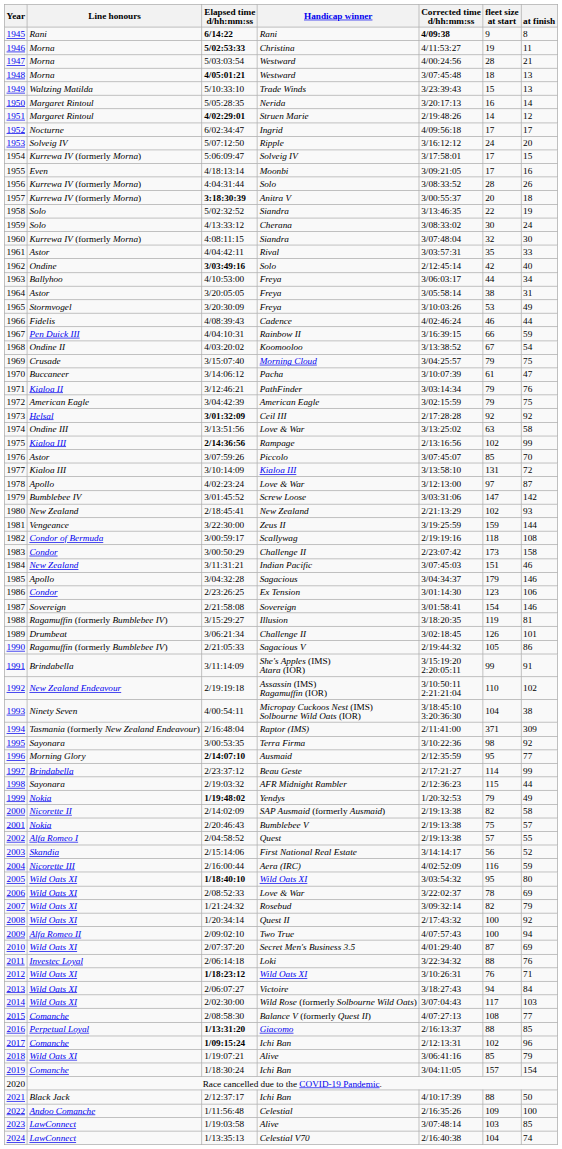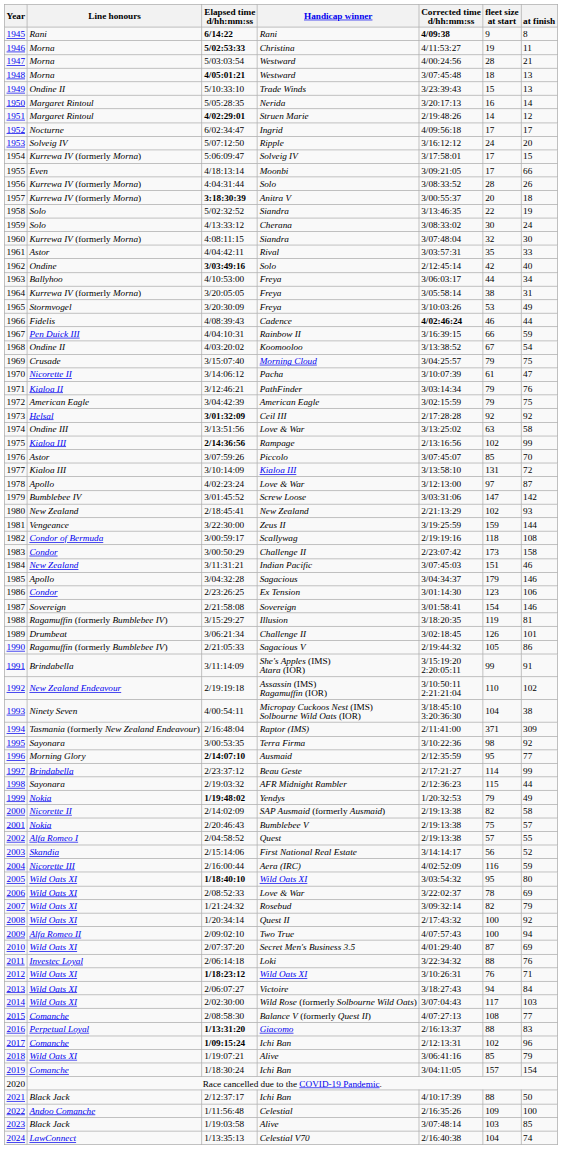 <table class="wikitable sortable" style=font-size:small;line-height:1>
 <tr>
 <th>Year</th>
 <th>Line honours</th>
 <th>Elapsed time<br>d/hh:mm:ss</th>
 <th><a href='#'>Handicap winner</a></th>
 <th>Corrected time<br>d/hh:mm:ss</th>
 <th>fleet size<br>at start</th>
 <th><br>at finish</th>
 </tr>
 <tr>
 <td><a href='#'>1945</a></td>
 <td> <em>Rani</em></td>
 <td><strong>6/14:22</strong></td>
 <td> <em>Rani</em></td>
 <td><strong>4/09:38</strong></td>
 <td>9</td>
 <td>8</td>
 </tr>
 <tr>
 <td><a href='#'>1946</a></td>
 <td> <em>Morna</em></td>
 <td><strong>5/02:53:33</strong></td>
 <td> <em>Christina</em></td>
 <td>4/11:53:27</td>
 <td>19</td>
 <td>11</td>
 </tr>
 <tr>
 <td><a href='#'>1947</a></td>
 <td> <em>Morna</em></td>
 <td>5/03:03:54</td>
 <td> <em>Westward</em></td>
 <td>4/00:24:56</td>
 <td>28</td>
 <td>21</td>
 </tr>
 <tr>
 <td><a href='#'>1948</a></td>
 <td> <em>Morna</em></td>
 <td><strong>4/05:01:21</strong></td>
 <td> <em>Westward</em></td>
 <td>3/07:45:48</td>
 <td>18</td>
 <td>13</td>
 </tr>
 <tr>
 <td><a href='#'>1949</a></td>
-<td> <em>Waltzing Matilda</em></td>
+<td> <em>Ondine II</em></td>
 <td>5/10:33:10</td>
 <td> <em>Trade Winds</em></td>
 <td>3/23:39:43</td>
 <td>15</td>
 <td>13</td>
 </tr>
 <tr>
 <td><a href='#'>1950</a></td>
 <td> <em>Margaret Rintoul</em></td>
 <td>5/05:28:35</td>
 <td> <em>Nerida</em></td>
 <td>3/20:17:13</td>
 <td>16</td>
 <td>14</td>
 </tr>
 <tr>
 <td><a href='#'>1951</a></td>
 <td> <em>Margaret Rintoul</em></td>
 <td><strong>4/02:29:01</strong></td>
 <td> <em>Struen Marie</em></td>
 <td>2/19:48:26</td>
 <td>14</td>
 <td>12</td>
 </tr>
 <tr>
 <td><a href='#'>1952</a></td>
 <td> <em>Nocturne</em></td>
 <td>6/02:34:47</td>
 <td> <em>Ingrid</em></td>
 <td>4/09:56:18</td>
 <td>17</td>
 <td>17</td>
 </tr>
 <tr>
 <td><a href='#'>1953</a></td>
 <td> <em>Solveig IV</em></td>
 <td>5/07:12:50</td>
 <td> <em>Ripple</em></td>
 <td>3/16:12:12</td>
 <td>24</td>
 <td>20</td>
 </tr>
 <tr>
 <td>1954</td>
 <td> <em>Kurrewa IV</em> (formerly <em>Morna</em>)</td>
 <td>5:06:09:47</td>
 <td> <em>Solveig IV</em></td>
 <td>3/17:58:01</td>
 <td>17</td>
 <td>15</td>
 </tr>
 <tr>
 <td>1955</td>
 <td> <em>Even</em></td>
 <td>4/18:13:14</td>
 <td> <em>Moonbi</em></td>
 <td>3/09:21:05</td>
 <td>17</td>
-<td>16</td>
+<td>66</td>
 </tr>
 <tr>
 <td>1956</td>
 <td> <em>Kurrewa IV</em> (formerly <em>Morna</em>)</td>
 <td>4:04:31:44</td>
 <td> <em>Solo</em></td>
 <td>3/08:33:52</td>
 <td>28</td>
 <td>26</td>
 </tr>
 <tr>
 <td>1957</td>
 <td> <em>Kurrewa IV</em> (formerly <em>Morna</em>)</td>
 <td><strong>3:18:30:39</strong></td>
 <td> <em>Anitra V</em></td>
 <td>3/00:55:37</td>
 <td>20</td>
 <td>18</td>
 </tr>
 <tr>
 <td>1958</td>
 <td> <em>Solo</em></td>
 <td>5/02:32:52</td>
 <td> <em>Siandra</em></td>
 <td>3/13:46:35</td>
 <td>22</td>
 <td>19</td>
 </tr>
 <tr>
 <td>1959</td>
 <td> <em>Solo</em></td>
 <td>4/13:33:12</td>
 <td> <em>Cherana</em></td>
 <td>3/08:33:02</td>
 <td>30</td>
 <td>24</td>
 </tr>
 <tr>
 <td>1960</td>
 <td> <em>Kurrewa IV</em> (formerly <em>Morna</em>)</td>
 <td>4:08:11:15</td>
 <td> <em>Siandra</em></td>
 <td>3/07:48:04</td>
 <td>32</td>
 <td>30</td>
 </tr>
 <tr>
 <td>1961</td>
 <td> <em>Astor</em></td>
 <td>4/04:42:11</td>
 <td> <em>Rival</em></td>
 <td>3/03:57:31</td>
 <td>35</td>
 <td>33</td>
 </tr>
 <tr>
 <td>1962</td>
 <td> <em>Ondine</em></td>
 <td><strong>3/03:49:16</strong></td>
 <td> <em>Solo</em></td>
 <td>2/12:45:14</td>
 <td>42</td>
 <td>40</td>
 </tr>
 <tr>
 <td>1963</td>
 <td> <em>Ballyhoo</em></td>
 <td>4/10:53:00</td>
 <td> <em>Freya</em></td>
 <td>3/06:03:17</td>
 <td>44</td>
 <td>34</td>
 </tr>
 <tr>
 <td>1964</td>
-<td> <em>Astor</em></td>
+<td> <em>Kurrewa IV</em> (formerly <em>Morna</em>)</td>
 <td>3/20:05:05</td>
 <td> <em>Freya</em></td>
 <td>3/05:58:14</td>
 <td>38</td>
 <td>31</td>
 </tr>
 <tr>
 <td>1965</td>
 <td> <em>Stormvogel</em></td>
 <td>3/20:30:09</td>
 <td> <em>Freya</em></td>
 <td>3/10:03:26</td>
 <td>53</td>
 <td>49</td>
 </tr>
 <tr>
 <td>1966</td>
 <td> <em>Fidelis</em></td>
 <td>4/08:39:43</td>
 <td> <em>Cadence</em></td>
-<td>4/02:46:24</td>
+<td><strong>4/02:46:24</strong></td>
 <td>46</td>
 <td>44</td>
 </tr>
 <tr>
 <td>1967</td>
 <td> <em><a href='#'>Pen Duick III</a></em></td>
 <td>4/04:10:31</td>
 <td> <em>Rainbow II</em></td>
 <td>3/16:39:15</td>
 <td>66</td>
 <td>59</td>
 </tr>
 <tr>
 <td>1968</td>
 <td> <em>Ondine II</em></td>
 <td>4/03:20:02</td>
 <td> <em>Koomooloo</em></td>
 <td>3/13:38:52</td>
 <td>67</td>
 <td>54</td>
 </tr>
 <tr>
 <td>1969</td>
 <td> <em>Crusade</em></td>
 <td>3/15:07:40</td>
 <td> <em><a href='#'>Morning Cloud</a></em></td>
 <td>3/04:25:57</td>
 <td>79</td>
 <td>75</td>
 </tr>
 <tr>
 <td>1970</td>
-<td> <em>Buccaneer</em></td>
+<td> <em><a href='#'>Nicorette II</a></em></td>
 <td>3/14:06:12</td>
 <td> <em>Pacha</em></td>
 <td>3/10:07:39</td>
 <td>61</td>
 <td>47</td>
 </tr>
 <tr>
 <td>1971</td>
 <td> <em><a href='#'>Kialoa II</a></em></td>
 <td>3/12:46:21</td>
 <td> <em>PathFinder</em></td>
 <td>3/03:14:34</td>
 <td>79</td>
 <td>76</td>
 </tr>
 <tr>
 <td>1972</td>
 <td> <em>American Eagle</em></td>
 <td>3/04:42:39</td>
 <td> <em>American Eagle</em></td>
 <td>3/02:15:59</td>
 <td>79</td>
 <td>75</td>
 </tr>
 <tr>
 <td>1973</td>
 <td> <em><a href='#'>Helsal</a></em></td>
 <td><strong>3/01:32:09</strong></td>
 <td> <em>Ceil III</em></td>
 <td>2/17:28:28</td>
 <td>92</td>
 <td>92</td>
 </tr>
 <tr>
 <td>1974</td>
 <td> <em>Ondine III</em></td>
 <td>3/13:51:56</td>
 <td> <em>Love & War</em></td>
 <td>3/13:25:02</td>
 <td>63</td>
 <td>58</td>
 </tr>
 <tr>
 <td>1975</td>
 <td> <em><a href='#'>Kialoa III</a></em></td>
 <td><strong>2/14:36:56</strong></td>
 <td> <em>Rampage</em></td>
 <td>2/13:16:56</td>
 <td>102</td>
 <td>99</td>
 </tr>
 <tr>
 <td>1976</td>
 <td> <em>Astor</em></td>
 <td>3/07:59:26</td>
 <td> <em>Piccolo</em></td>
 <td>3/07:45:07</td>
 <td>85</td>
 <td>70</td>
 </tr>
 <tr>
 <td>1977</td>
 <td> <em>Kialoa III</em></td>
 <td>3/10:14:09</td>
 <td> <em><a href='#'>Kialoa III</a></em></td>
 <td>3/13:58:10</td>
 <td>131</td>
 <td>72</td>
 </tr>
 <tr>
 <td>1978</td>
 <td> <em>Apollo</em></td>
 <td>4/02:23:24</td>
 <td> <em>Love & War</em></td>
 <td>3/12:13:00</td>
 <td>97</td>
 <td>87</td>
 </tr>
 <tr>
 <td>1979</td>
 <td> <em>Bumblebee IV</em></td>
 <td>3/01:45:52</td>
 <td> <em>Screw Loose</em></td>
 <td>3/03:31:06</td>
 <td>147</td>
 <td>142</td>
 </tr>
 <tr>
 <td>1980</td>
 <td> <em>New Zealand</em></td>
 <td>2/18:45:41</td>
 <td> <em>New Zealand</em></td>
 <td>2/21:13:29</td>
 <td>102</td>
 <td>93</td>
 </tr>
 <tr>
 <td>1981</td>
 <td> <em>Vengeance</em></td>
 <td>3/22:30:00</td>
 <td> <em>Zeus II</em></td>
 <td>3/19:25:59</td>
 <td>159</td>
 <td>144</td>
 </tr>
 <tr>
 <td>1982</td>
 <td> <em><a href='#'>Condor of Bermuda</a></em></td>
 <td>3/00:59:17</td>
 <td> <em>Scallywag</em></td>
 <td>2/19:19:16</td>
 <td>118</td>
 <td>108</td>
 </tr>
 <tr>
 <td>1983</td>
 <td> <em><a href='#'>Condor</a></em></td>
 <td>3/00:50:29</td>
 <td> <em>Challenge II</em></td>
 <td>2/23:07:42</td>
 <td>173</td>
 <td>158</td>
 </tr>
 <tr>
 <td>1984</td>
 <td> <em><a href='#'>New Zealand</a></em></td>
 <td>3/11:31:21</td>
 <td> <em>Indian Pacific</em></td>
 <td>3/07:45:03</td>
 <td>151</td>
 <td>46</td>
 </tr>
 <tr>
 <td>1985</td>
 <td> <em>Apollo</em></td>
 <td>3/04:32:28</td>
 <td> <em>Sagacious</em></td>
 <td>3/04:34:37</td>
 <td>179</td>
 <td>146</td>
 </tr>
 <tr>
 <td>1986</td>
 <td> <em><a href='#'>Condor</a></em></td>
 <td>2/23:26:25</td>
 <td> <em>Ex Tension</em></td>
 <td>3/01:14:30</td>
 <td>123</td>
 <td>106</td>
 </tr>
 <tr>
 <td>1987</td>
 <td> <em>Sovereign</em></td>
 <td>2/21:58:08</td>
 <td> <em>Sovereign</em></td>
 <td>3/01:58:41</td>
 <td>154</td>
 <td>146</td>
 </tr>
 <tr>
 <td>1988</td>
 <td> <em>Ragamuffin</em> (formerly <em>Bumblebee IV</em>)</td>
 <td>3/15:29:27</td>
 <td> <em>Illusion</em></td>
 <td>3/18:20:35</td>
 <td>119</td>
 <td>81</td>
 </tr>
 <tr>
 <td>1989</td>
 <td> <em>Drumbeat</em></td>
 <td>3/06:21:34</td>
 <td> <em>Challenge II</em></td>
 <td>3/02:18:45</td>
 <td>126</td>
 <td>101</td>
 </tr>
 <tr>
 <td><a href='#'>1990</a></td>
 <td> <em>Ragamuffin</em> (formerly <em>Bumblebee IV</em>)</td>
 <td>2/21:05:33</td>
 <td> <em>Sagacious V</em></td>
 <td>2/19:44:32</td>
 <td>105</td>
 <td>86</td>
 </tr>
 <tr>
 <td><a href='#'>1991</a></td>
 <td> <em>Brindabella</em></td>
 <td>3/11:14:09</td>
 <td> <em>She's Apples</em> (IMS)<br> <em>Atara</em> (IOR)</td>
 <td>3/15:19:20<br>2:20:05:11</td>
 <td>99</td>
 <td>91</td>
 </tr>
 <tr>
 <td><a href='#'>1992</a></td>
 <td> <em><a href='#'>New Zealand Endeavour</a></em></td>
 <td>2/19:19:18</td>
 <td> <em>Assassin</em> (IMS)<br> <em>Ragamuffin</em> (IOR)</td>
 <td>3/10:50:11<br>2:21:21:04</td>
 <td>110</td>
 <td>102</td>
 </tr>
 <tr>
 <td><a href='#'>1993</a></td>
 <td> <em>Ninety Seven</em></td>
 <td>4/00:54:11</td>
 <td> <em>Micropay Cuckoos Nest</em> (IMS)<br> <em>Solbourne Wild Oats</em> (IOR)</td>
 <td>3/18:45:10<br>3:20:36:30</td>
 <td>104</td>
 <td>38</td>
 </tr>
 <tr>
 <td><a href='#'>1994</a></td>
 <td> <em>Tasmania</em> (formerly <em>New Zealand Endeavour</em>)</td>
 <td>2/16:48:04</td>
 <td> <em>Raptor (IMS)</em></td>
 <td>2/11:41:00</td>
 <td>371</td>
 <td>309</td>
 </tr>
 <tr>
 <td><a href='#'>1995</a></td>
 <td> <em>Sayonara</em></td>
 <td>3/00:53:35</td>
 <td> <em>Terra Firma</em></td>
 <td>3/10:22:36</td>
 <td>98</td>
 <td>92</td>
 </tr>
 <tr>
 <td><a href='#'>1996</a></td>
 <td> <em>Morning Glory</em></td>
 <td><strong>2/14:07:10</strong></td>
 <td> <em>Ausmaid</em></td>
 <td>2/12:35:59</td>
 <td>95</td>
 <td>77</td>
 </tr>
 <tr>
 <td><a href='#'>1997</a></td>
 <td> <em><a href='#'>Brindabella</a></em></td>
 <td>2/23:37:12</td>
 <td> <em>Beau Geste</em></td>
 <td>2/17:21:27</td>
 <td>114</td>
 <td>99</td>
 </tr>
 <tr>
 <td><a href='#'>1998</a></td>
 <td> <em>Sayonara</em></td>
 <td>2/19:03:32</td>
 <td> <em>AFR Midnight Rambler</em></td>
 <td>2/12:36:23</td>
 <td>115</td>
 <td>44</td>
 </tr>
 <tr>
 <td><a href='#'>1999</a></td>
 <td> <em><a href='#'>Nokia</a></em></td>
 <td><strong>1/19:48:02</strong></td>
 <td> <em>Yendys</em></td>
 <td>1/20:32:53</td>
 <td>79</td>
 <td>49</td>
 </tr>
 <tr>
 <td><a href='#'>2000</a></td>
 <td> <em><a href='#'>Nicorette II</a></em></td>
 <td>2/14:02:09</td>
 <td> <em>SAP Ausmaid</em> (formerly <em>Ausmaid</em>)</td>
 <td>2/19:13:38</td>
 <td>82</td>
 <td>58</td>
 </tr>
 <tr>
 <td><a href='#'>2001</a></td>
 <td> <em><a href='#'>Nokia</a></em></td>
 <td>2/20:46:43</td>
 <td> <em>Bumblebee V</em></td>
 <td>2/19:13:38</td>
 <td>75</td>
 <td>57</td>
 </tr>
 <tr>
 <td><a href='#'>2002</a></td>
 <td> <em><a href='#'>Alfa Romeo I</a></em></td>
 <td>2/04:58:52</td>
 <td> <em>Quest</em></td>
 <td>2/19:13:38</td>
 <td>57</td>
 <td>55</td>
 </tr>
 <tr>
 <td><a href='#'>2003</a></td>
 <td> <em><a href='#'>Skandia</a></em></td>
 <td>2/15:14:06</td>
 <td> <em>First National Real Estate</em></td>
 <td>3/14:14:17</td>
 <td>56</td>
 <td>52</td>
 </tr>
 <tr>
 <td><a href='#'>2004</a></td>
 <td> <em><a href='#'>Nicorette III</a></em></td>
 <td>2/16:00:44</td>
 <td> <em>Aera (IRC)</em></td>
 <td>4/02:52:09</td>
 <td>116</td>
 <td>59</td>
 </tr>
 <tr>
 <td><a href='#'>2005</a></td>
 <td> <em><a href='#'>Wild Oats XI</a></em></td>
 <td><strong>1/18:40:10</strong></td>
 <td> <em><a href='#'>Wild Oats XI</a></em></td>
 <td>3/03:54:32</td>
 <td>95</td>
 <td>80</td>
 </tr>
 <tr>
 <td><a href='#'>2006</a></td>
 <td> <em><a href='#'>Wild Oats XI</a></em></td>
 <td>2/08:52:33</td>
 <td> <em>Love & War</em></td>
 <td>3/22:02:37</td>
 <td>78</td>
 <td>69</td>
 </tr>
 <tr>
 <td><a href='#'>2007</a></td>
 <td> <em><a href='#'>Wild Oats XI</a></em></td>
 <td>1/21:24:32</td>
 <td> <em>Rosebud</em></td>
 <td>3/09:32:14</td>
 <td>82</td>
 <td>79</td>
 </tr>
 <tr>
 <td><a href='#'>2008</a></td>
 <td> <em><a href='#'>Wild Oats XI</a></em></td>
 <td>1/20:34:14</td>
 <td> <em>Quest II</em></td>
 <td>2/17:43:32</td>
 <td>100</td>
 <td>92</td>
 </tr>
 <tr>
 <td><a href='#'>2009</a></td>
 <td> <em><a href='#'>Alfa Romeo II</a></em></td>
 <td>2/09:02:10</td>
 <td> <em>Two True</em></td>
 <td>4/07:57:43</td>
 <td>100</td>
 <td>94</td>
 </tr>
 <tr>
 <td><a href='#'>2010</a></td>
 <td> <em><a href='#'>Wild Oats XI</a></em></td>
 <td>2/07:37:20</td>
 <td> <em>Secret Men's Business 3.5</em></td>
 <td>4/01:29:40</td>
 <td>87</td>
 <td>69</td>
 </tr>
 <tr>
 <td><a href='#'>2011</a></td>
 <td> <em><a href='#'>Investec Loyal</a></em></td>
 <td>2/06:14:18</td>
 <td> <em>Loki</em></td>
 <td>3/22:34:32</td>
 <td>88</td>
 <td>76</td>
 </tr>
 <tr>
 <td><a href='#'>2012</a></td>
 <td> <em><a href='#'>Wild Oats XI</a></em></td>
 <td><strong>1/18:23:12</strong></td>
 <td> <em><a href='#'>Wild Oats XI</a></em></td>
 <td>3/10:26:31</td>
 <td>76</td>
 <td>71</td>
 </tr>
 <tr>
 <td><a href='#'>2013</a></td>
 <td> <em><a href='#'>Wild Oats XI</a></em></td>
 <td>2/06:07:27</td>
 <td> <em>Victoire</em></td>
 <td>3/18:27:43</td>
 <td>94</td>
 <td>84</td>
 </tr>
 <tr>
 <td><a href='#'>2014</a></td>
 <td> <em><a href='#'>Wild Oats XI</a></em></td>
 <td>2/02:30:00</td>
 <td> <em>Wild Rose</em> (formerly <em>Solbourne Wild Oats</em>)</td>
 <td>3/07:04:43</td>
 <td>117</td>
 <td>103</td>
 </tr>
 <tr>
 <td><a href='#'>2015</a></td>
 <td> <em><a href='#'>Comanche</a></em></td>
 <td>2/08:58:30</td>
 <td> <em>Balance V</em> (formerly <em>Quest II</em>)</td>
 <td>4/07:27:13</td>
 <td>108</td>
 <td>77</td>
 </tr>
 <tr>
 <td><a href='#'>2016</a></td>
 <td> <em><a href='#'>Perpetual Loyal</a></em></td>
 <td><strong>1/13:31:20</strong></td>
 <td> <em><a href='#'>Giacomo</a></em></td>
 <td>2/16:13:37</td>
 <td>88</td>
-<td>85</td>
+<td>83</td>
 </tr>
 <tr>
 <td><a href='#'>2017</a></td>
 <td> <em><a href='#'>Comanche</a></em></td>
 <td><strong>1/09:15:24</strong></td>
 <td> <em>Ichi Ban</em></td>
 <td>2/12:13:31</td>
 <td>102</td>
 <td>96</td>
 </tr>
 <tr>
 <td><a href='#'>2018</a></td>
 <td> <em><a href='#'>Wild Oats XI</a></em></td>
 <td>1/19:07:21</td>
 <td> <em>Alive</em></td>
 <td>3/06:41:16</td>
 <td>85</td>
 <td>79</td>
 </tr>
 <tr>
 <td><a href='#'>2019</a></td>
 <td> <em><a href='#'>Comanche</a></em></td>
 <td>1/18:30:24</td>
 <td> <em>Ichi Ban</em></td>
 <td>3/04:11:05</td>
 <td>157</td>
 <td>154</td>
 </tr>
 <tr>
 <td>2020</td>
 <td colspan="6" style="text-align:center">Race cancelled due to the <a href='#'>COVID-19 Pandemic</a>.</td>
 </tr>
 <tr>
 <td><a href='#'>2021</a></td>
 <td> <em>Black Jack</em></td>
 <td>2/12:37:17</td>
 <td> <em>Ichi Ban</em></td>
 <td>4/10:17:39</td>
 <td>88</td>
 <td>50</td>
 </tr>
 <tr>
 <td><a href='#'>2022</a></td>
 <td> <em><a href='#'>Andoo Comanche</a></em></td>
 <td>1/11:56:48</td>
 <td> <em>Celestial</em></td>
 <td>2/16:35:26</td>
 <td>109</td>
 <td>100</td>
 </tr>
 <tr>
 <td><a href='#'>2023</a></td>
-<td> <em><a href='#'>LawConnect</a></em></td>
+<td> <em>Black Jack</em></td>
 <td>1/19:03:58</td>
 <td> <em>Alive</em></td>
 <td>3/07:48:14</td>
 <td>103</td>
 <td>85</td>
 </tr>
 <tr>
 <td><a href='#'>2024</a></td>
 <td> <em><a href='#'>LawConnect</a></em></td>
 <td>1/13:35:13</td>
 <td> <em>Celestial V70</em></td>
 <td>2/16:40:38</td>
 <td>104</td>
 <td>74</td>
 </tr>
 </table>
